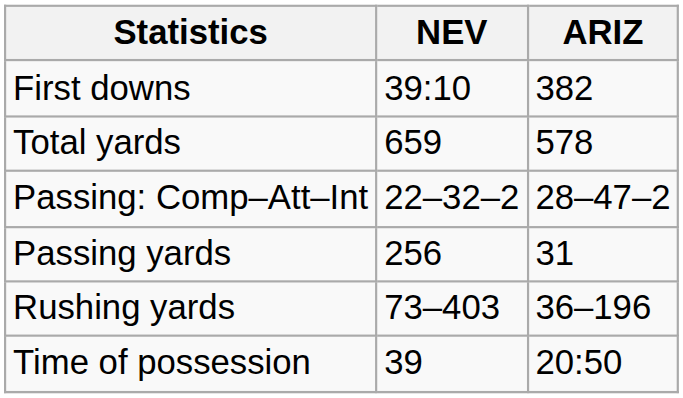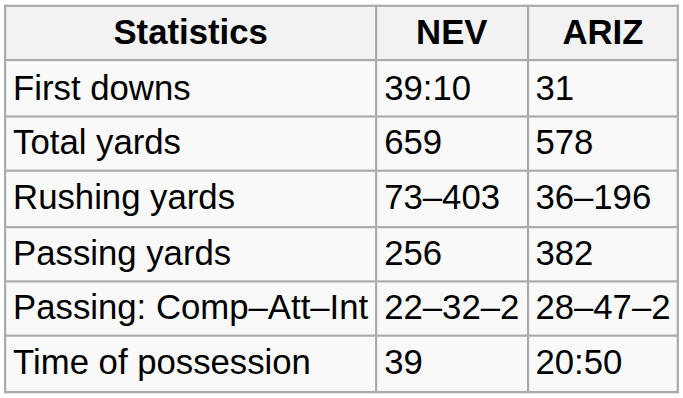 <table class="wikitable" style="float: left;">
 <tr>
 <th>Statistics</th>
 <th>NEV</th>
 <th>ARIZ</th>
 </tr>
 <tr>
 <td>First downs</td>
 <td>39:10</td>
-<td>382</td>
+<td>31</td>
 </tr>
 <tr>
 <td>Total yards</td>
 <td>659</td>
 <td>578</td>
 </tr>
 <tr>
-<td>Passing: Comp–Att–Int</td>
-<td>22–32–2</td>
-<td>28–47–2</td>
+<td>Rushing yards</td>
+<td>73–403</td>
+<td>36–196</td>
 </tr>
 <tr>
 <td>Passing yards</td>
 <td>256</td>
-<td>31</td>
+<td>382</td>
 </tr>
 <tr>
-<td>Rushing yards</td>
-<td>73–403</td>
-<td>36–196</td>
+<td>Passing: Comp–Att–Int</td>
+<td>22–32–2</td>
+<td>28–47–2</td>
 </tr>
 <tr>
 <td>Time of possession</td>
 <td>39</td>
 <td>20:50</td>
 </tr>
 <tr>
 </tr>
 </table>
